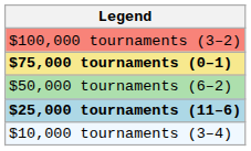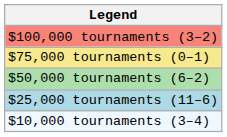 <table class=wikitable style=font-size:85%>
 <tr>
 <th>Legend</th>
 </tr>
 <tr style=background:#f88379>
 <td>$100,000 tournaments (3–2)</td>
 </tr>
 <tr style=background:#f7e98e>
-<td><strong>$75,000 tournaments (0–1)</strong></td>
+<td>$75,000 tournaments (0–1)</td>
 </tr>
 <tr style=background:#addfad>
 <td>$50,000 tournaments (6–2)</td>
 </tr>
 <tr style=background:lightblue>
-<td><strong>$25,000 tournaments (11–6)</strong></td>
+<td>$25,000 tournaments (11–6)</td>
 </tr>
 <tr style=background:#f0f8ff>
 <td>$10,000 tournaments (3–4)</td>
 </tr>
 </table>
